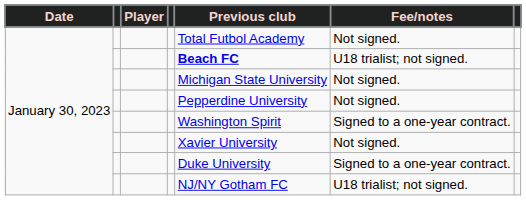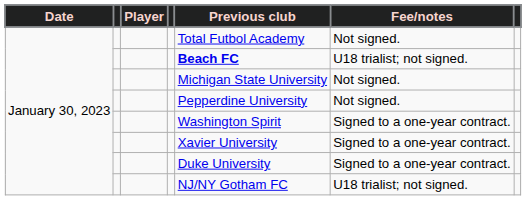 <table class="wikitable sortable" style="font-size:90%;">
 <tr>
 <th style="background:#202121; color:#F7D5CF; border:2px solid #898C8F;" scope="col" data-sort-type="date">Date</th>
 <th style="background:#202121; color:#F7D5CF; border:2px solid #898C8F;" scope="col"></th>
 <th style="background:#202121; color:#F7D5CF; border:2px solid #898C8F;" scope="col">Player</th>
 <th style="background:#202121; color:#F7D5CF; border:2px solid #898C8F;" scope="col"></th>
 <th style="background:#202121; color:#F7D5CF; border:2px solid #898C8F;" scope="col">Previous club</th>
 <th style="background:#202121; color:#F7D5CF; border:2px solid #898C8F;" scope="col">Fee/notes</th>
 <th style="background:#202121; color:#F7D5CF; border:2px solid #898C8F;" scope="col"></th>
 </tr>
 <tr>
 <td rowspan=8>January 30, 2023</td>
 <td></td>
 <td></td>
 <td></td>
 <td> <a href='#'>Total Futbol Academy</a></td>
 <td>Not signed.</td>
 <td></td>
 </tr>
 <tr>
 <td></td>
 <td></td>
 <td></td>
 <td><strong> <a href='#'>Beach FC</a></strong></td>
 <td>U18 trialist; not signed.</td>
 <td></td>
 </tr>
 <tr>
 <td></td>
 <td></td>
 <td></td>
 <td> <a href='#'>Michigan State University</a></td>
 <td>Not signed.</td>
 <td></td>
 </tr>
 <tr>
 <td></td>
 <td></td>
 <td></td>
 <td> <a href='#'>Pepperdine University</a></td>
 <td>Not signed.</td>
 <td></td>
 </tr>
 <tr>
 <td></td>
 <td></td>
 <td></td>
 <td> <a href='#'>Washington Spirit</a></td>
 <td>Signed to a one-year contract.</td>
 <td></td>
 </tr>
 <tr>
 <td></td>
 <td></td>
 <td></td>
 <td> <a href='#'>Xavier University</a></td>
-<td>Not signed.</td>
+<td>Signed to a one-year contract.</td>
 <td></td>
 </tr>
 <tr>
 <td></td>
 <td></td>
 <td></td>
 <td> <a href='#'>Duke University</a></td>
 <td>Signed to a one-year contract.</td>
 <td></td>
 </tr>
 <tr>
 <td></td>
 <td></td>
 <td></td>
 <td> <a href='#'>NJ/NY Gotham FC</a></td>
 <td>U18 trialist; not signed.</td>
 <td></td>
 </tr>
 </table>
